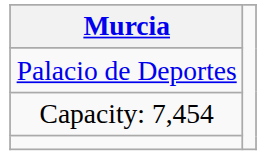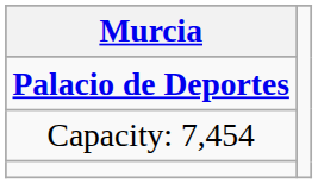 <table class="wikitable" style="text-align:center;margin:1em auto;">
 <tr>
 <th><a href='#'>Murcia</a></th>
 <td rowspan="4"></td>
 </tr>
 <tr>
-<td><a href='#'>Palacio de Deportes</a></td>
+<td><strong><a href='#'>Palacio de Deportes</a></strong></td>
 </tr>
 <tr>
 <td>Capacity: 7,454</td>
 </tr>
 <tr>
 <td></td>
 </tr>
 </table>
